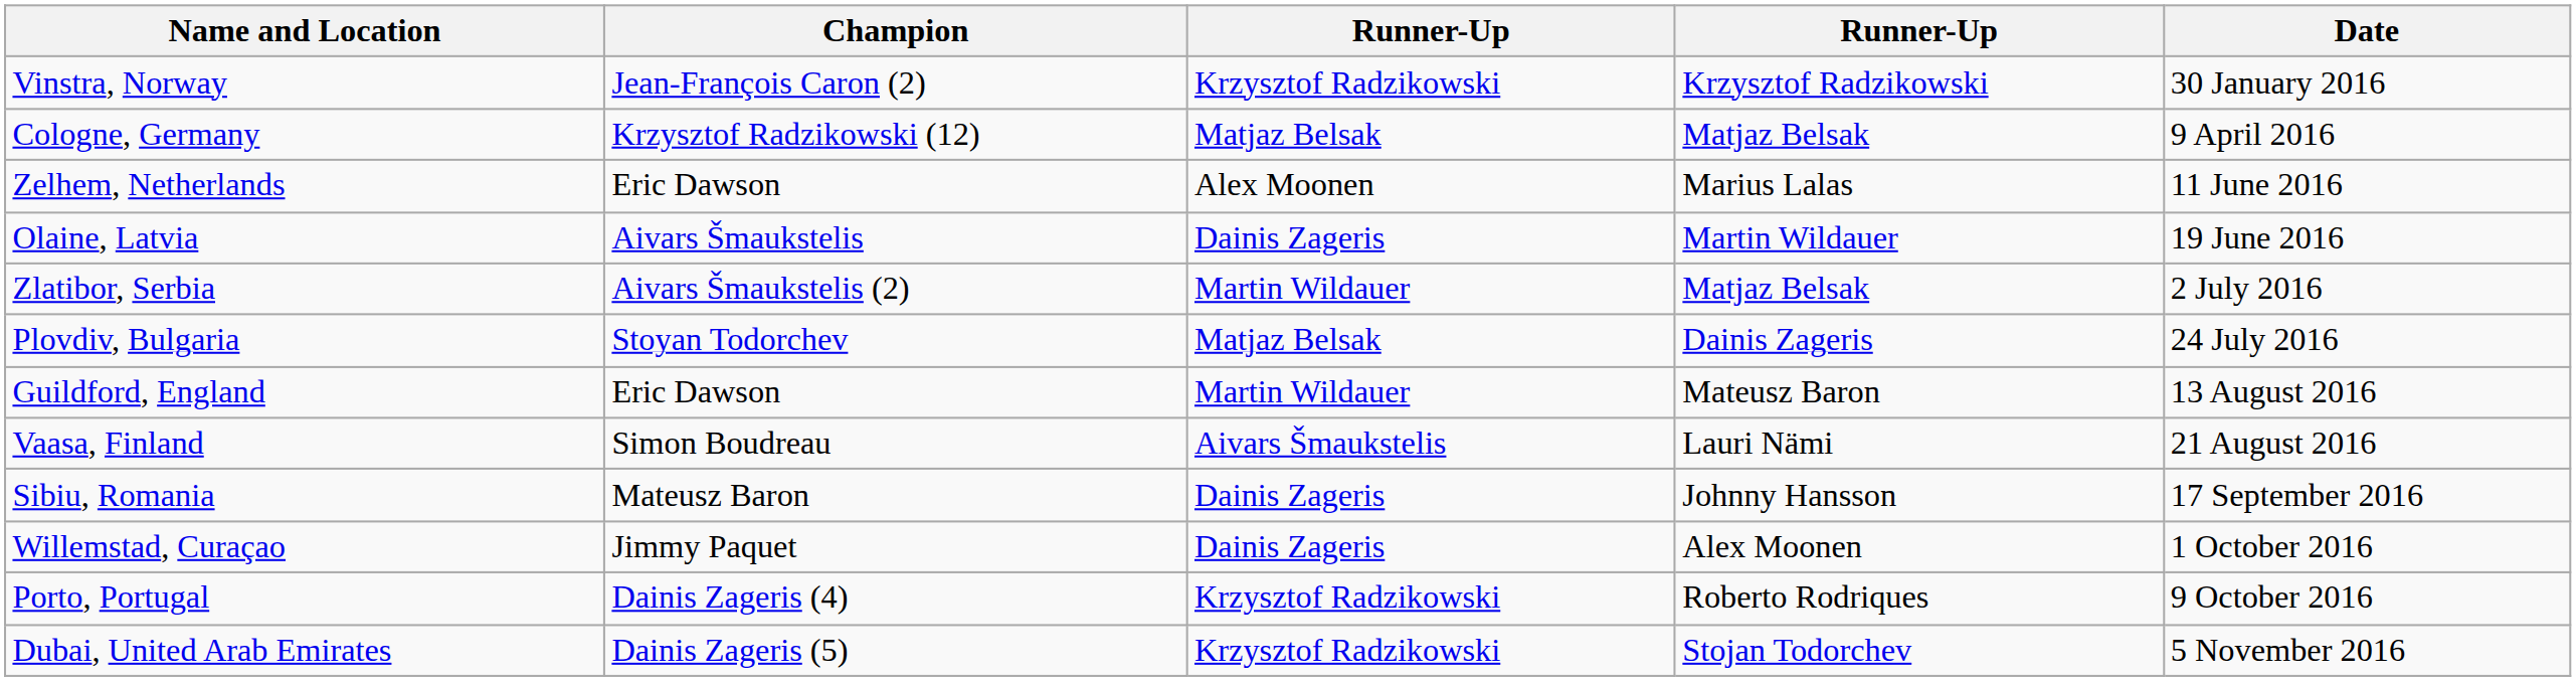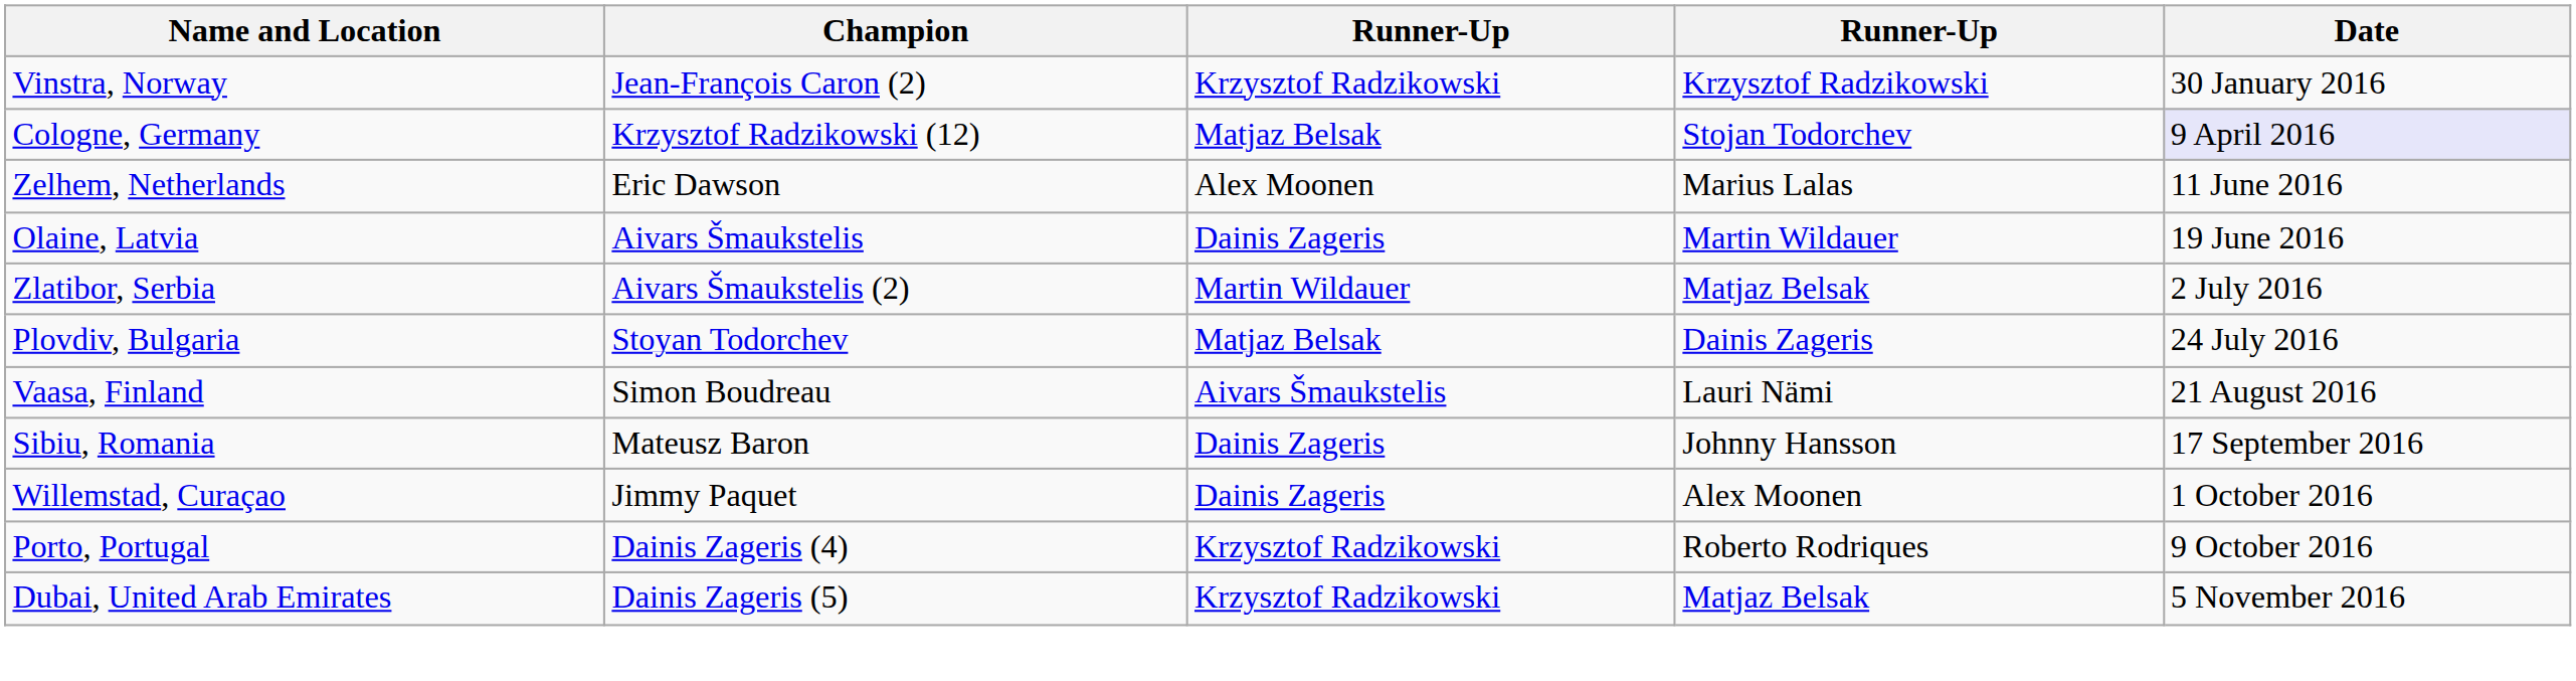 <table class="wikitable" style="display: inline-table;width: 100%;">
 <tr>
 <th scope="col">Name and Location</th>
 <th scope="col">Champion</th>
 <th scope="col">Runner-Up</th>
 <th scope="col">Runner-Up</th>
 <th scope="col">Date</th>
 </tr>
 <tr>
 <td> <a href='#'>Vinstra</a>, <a href='#'>Norway</a> <br></td>
 <td> <a href='#'>Jean-François Caron</a> (2)</td>
 <td> <a href='#'>Krzysztof Radzikowski</a></td>
 <td> <a href='#'>Krzysztof Radzikowski</a></td>
 <td>30 January 2016</td>
 </tr>
 <tr>
 <td> <a href='#'>Cologne</a>, <a href='#'>Germany</a><br> </td>
 <td> <a href='#'>Krzysztof Radzikowski</a> (12)</td>
 <td> <a href='#'>Matjaz Belsak</a></td>
-<td> <a href='#'>Matjaz Belsak</a></td>
-<td>9 April 2016</td>
+<td> <a href='#'>Stojan Todorchev</a></td>
+<td style="background: lavender;">9 April 2016</td>
 </tr>
 <tr>
 <td> <a href='#'>Zelhem</a>, <a href='#'>Netherlands</a><br> </td>
 <td> Eric Dawson</td>
 <td> Alex Moonen</td>
 <td> Marius Lalas</td>
 <td>11 June 2016</td>
 </tr>
 <tr>
 <td> <a href='#'>Olaine</a>, <a href='#'>Latvia</a><br> </td>
 <td> <a href='#'>Aivars Šmaukstelis</a></td>
 <td> <a href='#'>Dainis Zageris</a></td>
 <td> <a href='#'>Martin Wildauer</a></td>
 <td>19 June 2016</td>
 </tr>
 <tr>
 <td> <a href='#'>Zlatibor</a>, <a href='#'>Serbia</a><br> </td>
 <td> <a href='#'>Aivars Šmaukstelis</a> (2)</td>
 <td> <a href='#'>Martin Wildauer</a></td>
 <td> <a href='#'>Matjaz Belsak</a></td>
 <td>2 July 2016</td>
 </tr>
 <tr>
 <td> <a href='#'>Plovdiv</a>, <a href='#'>Bulgaria</a><br> </td>
 <td> <a href='#'>Stoyan Todorchev</a></td>
 <td> <a href='#'>Matjaz Belsak</a></td>
 <td> <a href='#'>Dainis Zageris</a></td>
 <td>24 July 2016</td>
-</tr>
-<tr>
-<td> <a href='#'>Guildford</a>, <a href='#'>England</a><br> </td>
-<td> Eric Dawson</td>
-<td> <a href='#'>Martin Wildauer</a></td>
-<td> Mateusz Baron</td>
-<td>13 August 2016</td>
 </tr>
 <tr>
 <td> <a href='#'>Vaasa</a>, <a href='#'>Finland</a><br> </td>
 <td> Simon Boudreau</td>
 <td> <a href='#'>Aivars Šmaukstelis</a></td>
 <td> Lauri Nämi</td>
 <td>21 August 2016</td>
 </tr>
 <tr>
 <td> <a href='#'>Sibiu</a>, <a href='#'>Romania</a><br> </td>
 <td> Mateusz Baron</td>
 <td> <a href='#'>Dainis Zageris</a></td>
 <td> Johnny Hansson</td>
 <td>17 September 2016</td>
 </tr>
 <tr>
 <td> <a href='#'>Willemstad</a>, <a href='#'>Curaçao</a><br> </td>
 <td> Jimmy Paquet</td>
 <td> <a href='#'>Dainis Zageris</a></td>
 <td> Alex Moonen</td>
 <td>1 October 2016</td>
 </tr>
 <tr>
 <td> <a href='#'>Porto</a>, <a href='#'>Portugal</a><br> </td>
 <td> <a href='#'>Dainis Zageris</a> (4)</td>
 <td> <a href='#'>Krzysztof Radzikowski</a></td>
 <td>  Roberto Rodriques</td>
 <td>9 October 2016</td>
 </tr>
 <tr>
 <td> <a href='#'>Dubai</a>, <a href='#'>United Arab Emirates</a> <br></td>
 <td> <a href='#'>Dainis Zageris</a> (5)</td>
 <td> <a href='#'>Krzysztof Radzikowski</a></td>
-<td> <a href='#'>Stojan Todorchev</a></td>
+<td> <a href='#'>Matjaz Belsak</a></td>
 <td>5 November 2016</td>
 </tr>
 </table>
